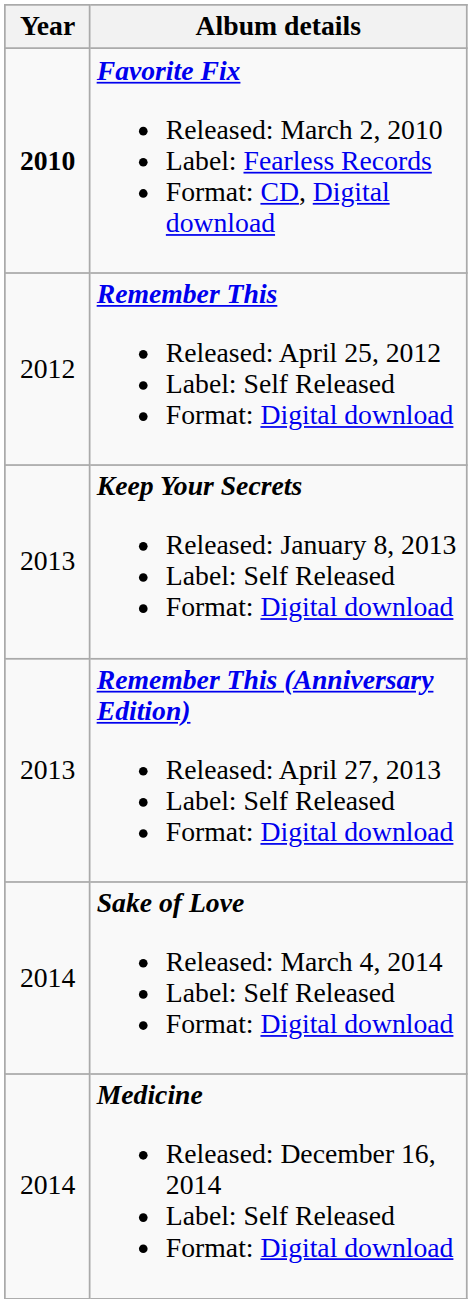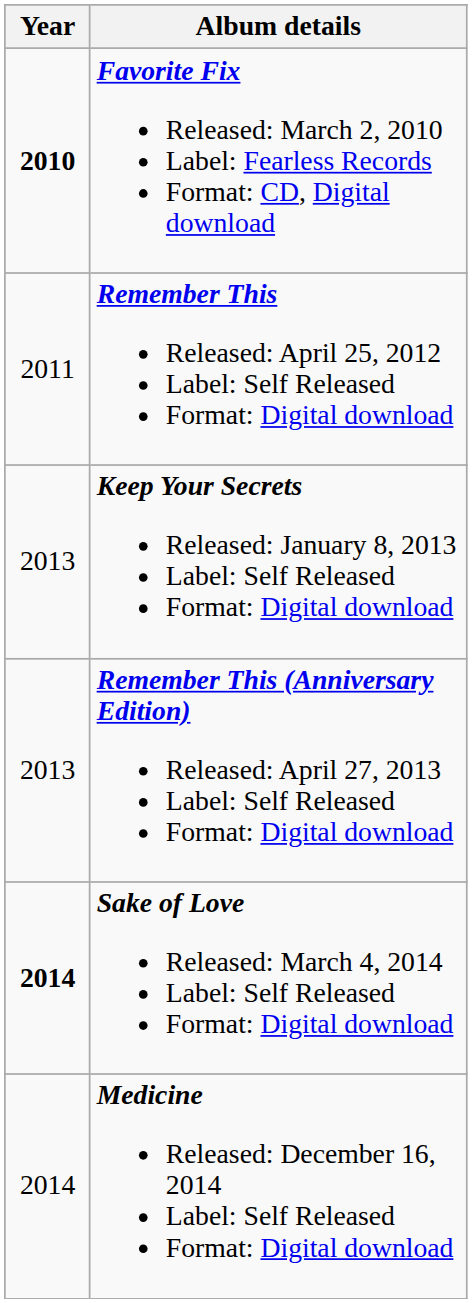 <table class="wikitable" style="text-align:center;">
 <tr>
 <th width="42">Year</th>
 <th width="210">Album details</th>
 </tr>
 <tr>
 <td><strong>2010</strong></td>
 <td align="left"><strong><em><a href='#'>Favorite Fix</a></em></strong><br><ul><li>Released: March 2, 2010</li><li>Label: <a href='#'>Fearless Records</a></li><li>Format: <a href='#'>CD</a>, <a href='#'>Digital download</a></li></ul></td>
 </tr>
 <tr>
-<td>2012</td>
+<td>2011</td>
 <td align="left"><strong><em><a href='#'>Remember This</a></em></strong><br><ul><li>Released: April 25, 2012</li><li>Label: Self Released</li><li>Format: <a href='#'>Digital download</a></li></ul></td>
 </tr>
 <tr>
 <td>2013</td>
 <td align="left"><strong><em>Keep Your Secrets</em></strong><br><ul><li>Released: January 8, 2013</li><li>Label: Self Released</li><li>Format: <a href='#'>Digital download</a></li></ul></td>
 </tr>
 <tr>
 <td>2013</td>
 <td align="left"><strong><em><a href='#'>Remember This (Anniversary Edition)</a></em></strong><br><ul><li>Released: April 27, 2013</li><li>Label: Self Released</li><li>Format: <a href='#'>Digital download</a></li></ul></td>
 </tr>
 <tr>
-<td>2014</td>
+<td><strong>2014</strong></td>
 <td align="left"><strong><em>Sake of Love</em></strong><br><ul><li>Released: March 4, 2014</li><li>Label: Self Released</li><li>Format: <a href='#'>Digital download</a></li></ul></td>
 </tr>
 <tr>
 <td>2014</td>
 <td align="left"><strong><em>Medicine</em></strong><br><ul><li>Released: December 16, 2014</li><li>Label: Self Released</li><li>Format: <a href='#'>Digital download</a></li></ul></td>
 </tr>
 </table>
